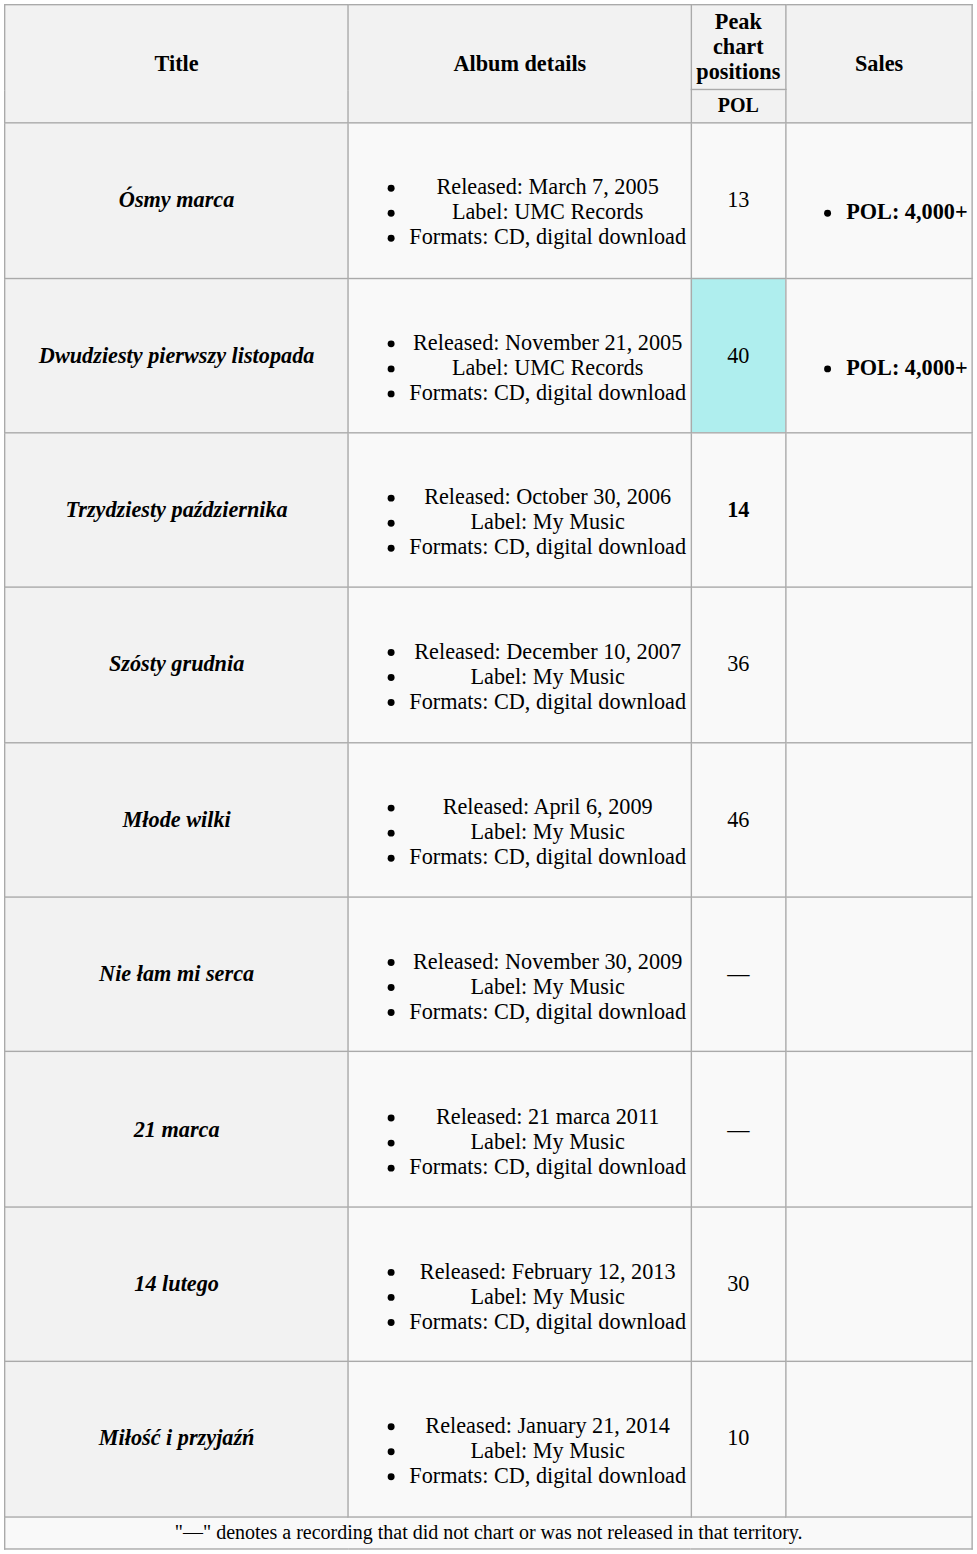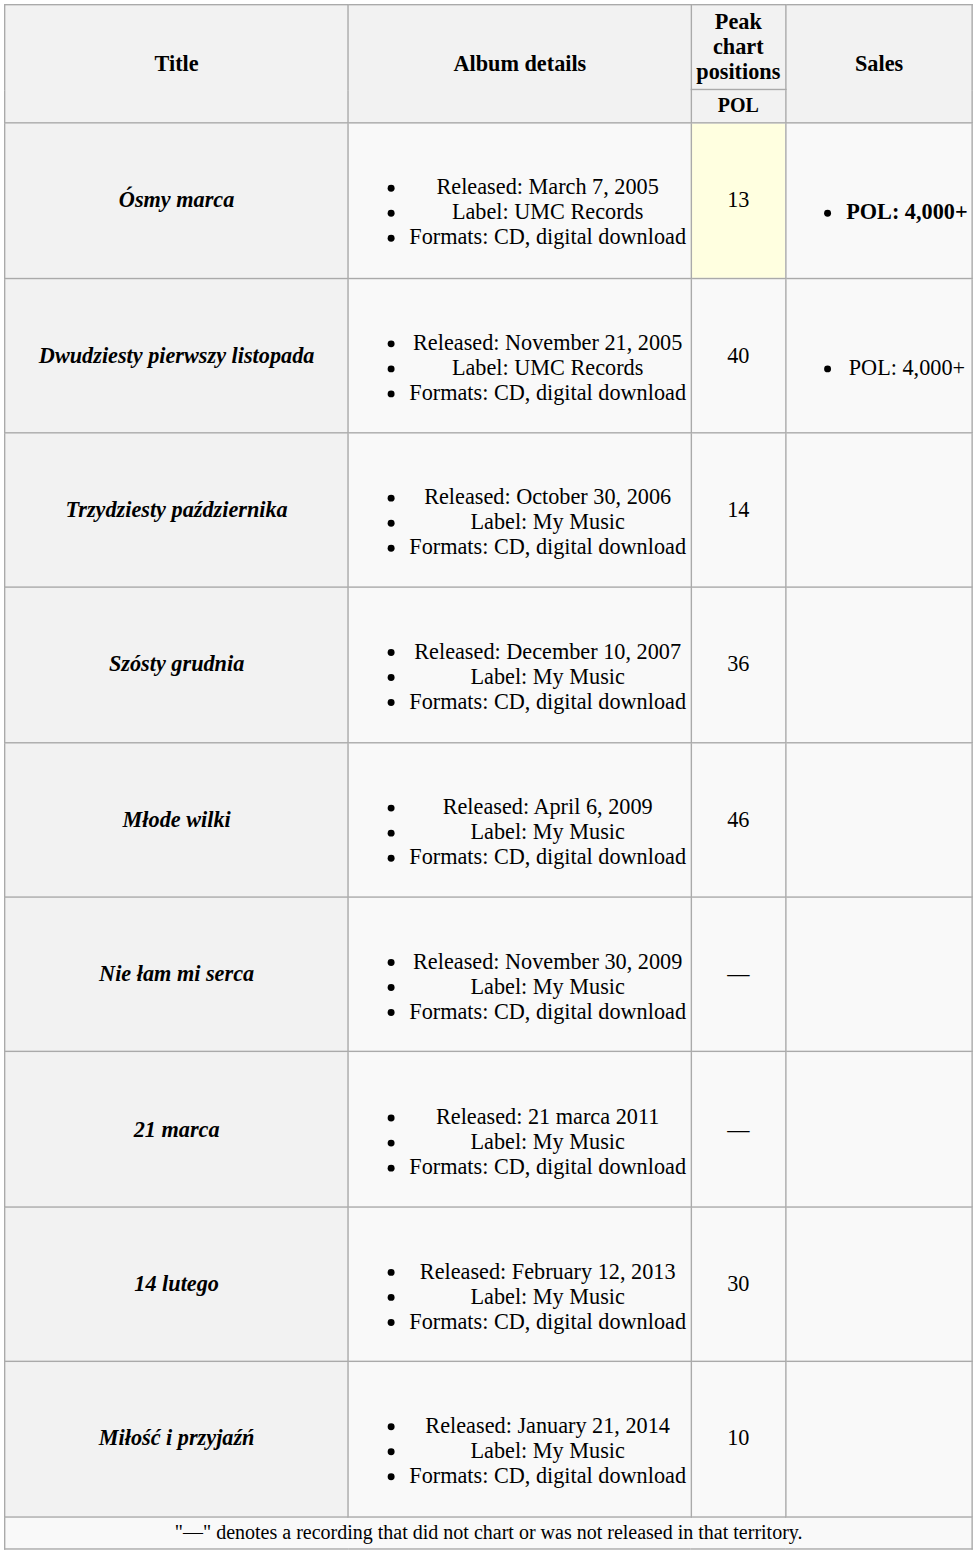 <table class="wikitable plainrowheaders" style="text-align:center;">
 <tr>
 <th scope="col" rowspan="2" style="width:15em;">Title</th>
 <th scope="col" rowspan="2">Album details</th>
 <th scope="col" colspan="1">Peak chart positions</th>
 <th scope="col" rowspan="2">Sales</th>
 </tr>
 <tr>
 <th scope="col" style="width:3em;font-size:90%;">POL<br></th>
 </tr>
 <tr>
 <th scope="row"><em>Ósmy marca</em></th>
 <td><br><ul><li>Released: March 7, 2005</li><li>Label: UMC Records</li><li>Formats: CD, digital download</li></ul></td>
-<td>13</td>
+<td style="background: lightyellow;">13</td>
 <td><strong><br><ul><li>POL: 4,000+</li></ul></strong></td>
 </tr>
 <tr>
 <th scope="row"><em>Dwudziesty pierwszy listopada</em></th>
 <td><br><ul><li>Released: November 21, 2005</li><li>Label: UMC Records</li><li>Formats: CD, digital download</li></ul></td>
-<td style="background: paleturquoise;">40</td>
-<td><strong><br><ul><li>POL: 4,000+</li></ul></strong></td>
+<td>40</td>
+<td><br><ul><li>POL: 4,000+</li></ul></td>
 </tr>
 <tr>
 <th scope="row"><em>Trzydziesty października</em></th>
 <td><br><ul><li>Released: October 30, 2006</li><li>Label: My Music</li><li>Formats: CD, digital download</li></ul></td>
-<td><strong>14</strong></td>
+<td>14</td>
 <td></td>
 </tr>
 <tr>
 <th scope="row"><em>Szósty grudnia</em></th>
 <td><br><ul><li>Released: December 10, 2007</li><li>Label: My Music</li><li>Formats: CD, digital download</li></ul></td>
 <td>36</td>
 <td></td>
 </tr>
 <tr>
 <th scope="row"><em>Młode wilki</em></th>
 <td><br><ul><li>Released: April 6, 2009</li><li>Label: My Music</li><li>Formats: CD, digital download</li></ul></td>
 <td>46</td>
 <td></td>
 </tr>
 <tr>
 <th scope="row"><em>Nie łam mi serca</em></th>
 <td><br><ul><li>Released: November 30, 2009</li><li>Label: My Music</li><li>Formats: CD, digital download</li></ul></td>
 <td>—</td>
 <td></td>
 </tr>
 <tr>
 <th scope="row"><em>21 marca</em></th>
 <td><br><ul><li>Released: 21 marca 2011</li><li>Label: My Music</li><li>Formats: CD, digital download</li></ul></td>
 <td>—</td>
 <td></td>
 </tr>
 <tr>
 <th scope="row"><em>14 lutego</em></th>
 <td><br><ul><li>Released: February 12, 2013</li><li>Label: My Music</li><li>Formats: CD, digital download</li></ul></td>
 <td>30</td>
 <td></td>
 </tr>
 <tr>
 <th scope="row"><em>Miłość i przyjaźń</em></th>
 <td><br><ul><li>Released: January 21, 2014</li><li>Label: My Music</li><li>Formats: CD, digital download</li></ul></td>
 <td>10</td>
 <td></td>
 </tr>
 <tr>
 <td colspan="10" style="font-size:90%">"—" denotes a recording that did not chart or was not released in that territory.</td>
 </tr>
 </table>
